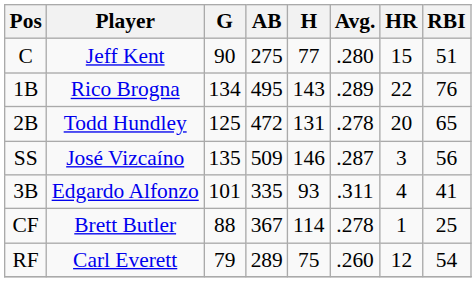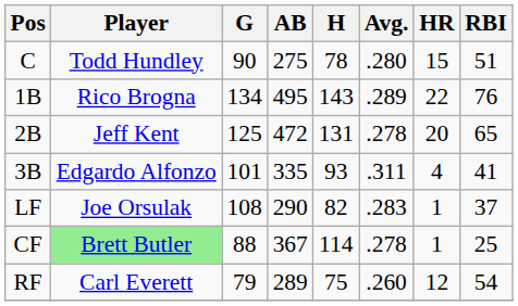 <table class="wikitable sortable">
 <tr>
 <th>Pos</th>
 <th>Player</th>
 <th>G</th>
 <th>AB</th>
 <th>H</th>
 <th>Avg.</th>
 <th>HR</th>
 <th>RBI</th>
 </tr>
 <tr align="center">
 <td>C</td>
-<td><a href='#'>Jeff Kent</a></td>
+<td><a href='#'>Todd Hundley</a></td>
 <td>90</td>
 <td>275</td>
-<td>77</td>
+<td>78</td>
 <td>.280</td>
 <td>15</td>
 <td>51</td>
 </tr>
 <tr align=center>
 <td>1B</td>
 <td><a href='#'>Rico Brogna</a></td>
 <td>134</td>
 <td>495</td>
 <td>143</td>
 <td>.289</td>
 <td>22</td>
 <td>76</td>
 </tr>
 <tr align=center>
 <td>2B</td>
-<td><a href='#'>Todd Hundley</a></td>
+<td><a href='#'>Jeff Kent</a></td>
 <td>125</td>
 <td>472</td>
 <td>131</td>
 <td>.278</td>
 <td>20</td>
 <td>65</td>
-</tr>
-<tr align=center>
-<td>SS</td>
-<td><a href='#'>José Vizcaíno</a></td>
-<td>135</td>
-<td>509</td>
-<td>146</td>
-<td>.287</td>
-<td>3</td>
-<td>56</td>
 </tr>
 <tr align=center>
 <td>3B</td>
 <td><a href='#'>Edgardo Alfonzo</a></td>
 <td>101</td>
 <td>335</td>
 <td>93</td>
 <td>.311</td>
 <td>4</td>
 <td>41</td>
 </tr>
 <tr align=center>
+<td>LF</td>
+<td><a href='#'>Joe Orsulak</a></td>
+<td>108</td>
+<td>290</td>
+<td>82</td>
+<td>.283</td>
+<td>1</td>
+<td>37</td>
+</tr>
+<tr align=center>
 <td>CF</td>
-<td><a href='#'>Brett Butler</a></td>
+<td style="background: lightgreen;"><a href='#'>Brett Butler</a></td>
 <td>88</td>
 <td>367</td>
 <td>114</td>
 <td>.278</td>
 <td>1</td>
 <td>25</td>
 </tr>
 <tr align=center>
 <td>RF</td>
 <td><a href='#'>Carl Everett</a></td>
 <td>79</td>
 <td>289</td>
 <td>75</td>
 <td>.260</td>
 <td>12</td>
 <td>54</td>
 </tr>
 <tr align="center">
 </tr>
 </table>
